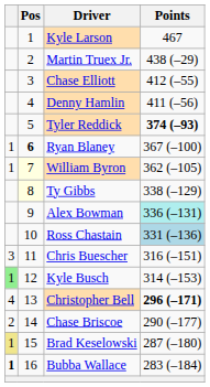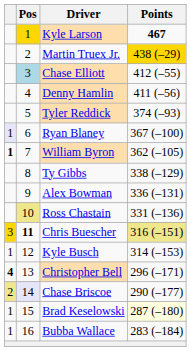 <table class="wikitable" style="font-size: 95%;">
 <tr>
 <th></th>
 <th>Pos</th>
 <th>Driver</th>
 <th>Points</th>
 </tr>
 <tr>
 <td align="left"></td>
-<td style="text-align:center;">1</td>
+<td style="background: gold; text-align:center;">1</td>
 <td style="background:#FFDEAD;"><a href='#'>Kyle Larson</a></td>
-<td style="text-align:center;">467</td>
+<td style="text-align:center;"><strong>467</strong></td>
 </tr>
 <tr>
 <td align="left"></td>
 <td style="text-align:center;">2</td>
 <td><a href='#'>Martin Truex Jr.</a></td>
-<td style="text-align:center;">438 (–29)</td>
+<td style="background: gold; text-align:center;">438 (–29)</td>
 </tr>
 <tr>
 <td align="left"></td>
-<td style="text-align:center;">3</td>
+<td style="background: lightblue; text-align:center;">3</td>
 <td style="background:#FFDEAD;"><a href='#'>Chase Elliott</a></td>
 <td style="text-align:center;">412 (–55)</td>
 </tr>
 <tr>
 <td align="left"></td>
 <td style="text-align:center;">4</td>
 <td style="background:#FFDEAD;"><a href='#'>Denny Hamlin</a></td>
 <td style="text-align:center;">411 (–56)</td>
 </tr>
 <tr>
 <td align="left"></td>
 <td style="text-align:center;">5</td>
 <td style="background:#FFDEAD;"><a href='#'>Tyler Reddick</a></td>
-<td style="text-align:center;"><strong>374 (–93)</strong></td>
+<td style="text-align:center;">374 (–93)</td>
 </tr>
 <tr>
-<td align="left"> 1</td>
-<td style="text-align:center;"><strong>6</strong></td>
+<td align="left" style="background: lavender;"> 1</td>
+<td style="text-align:center;">6</td>
 <td><a href='#'>Ryan Blaney</a></td>
 <td style="text-align:center;">367 (–100)</td>
 </tr>
 <tr>
-<td align="left"> 1</td>
-<td style="background: lightyellow; text-align:center;">7</td>
+<td align="left"><strong> 1</strong></td>
+<td style="text-align:center;">7</td>
 <td style="background:#FFDEAD;"><a href='#'>William Byron</a></td>
 <td style="text-align:center;">362 (–105)</td>
 </tr>
 <tr>
 <td align="left"></td>
-<td style="background: lightyellow; text-align:center;">8</td>
+<td style="text-align:center;">8</td>
 <td><a href='#'>Ty Gibbs</a></td>
 <td style="text-align:center;">338 (–129)</td>
 </tr>
 <tr>
 <td align="left"></td>
 <td style="text-align:center;">9</td>
 <td><a href='#'>Alex Bowman</a></td>
-<td style="background: paleturquoise; text-align:center;">336 (–131)</td>
+<td style="text-align:center;">336 (–131)</td>
 </tr>
 <tr>
 <td align="left"></td>
-<td style="text-align:center;">10</td>
+<td style="background: khaki; text-align:center;">10</td>
 <td><a href='#'>Ross Chastain</a></td>
-<td style="background: lightblue; text-align:center;">331 (–136)</td>
+<td style="text-align:center;">331 (–136)</td>
 </tr>
 <tr>
-<td align="left"> 3</td>
-<td style="text-align:center;">11</td>
+<td align="left" style="background: gold;"> 3</td>
+<td style="text-align:center;"><strong>11</strong></td>
 <td><a href='#'>Chris Buescher</a></td>
-<td style="text-align:center;">316 (–151)</td>
+<td style="background: khaki; text-align:center;">316 (–151)</td>
 </tr>
 <tr>
-<td align="left" style="background: lightgreen;"> 1</td>
+<td align="left"> 1</td>
 <td style="text-align:center;">12</td>
 <td><a href='#'>Kyle Busch</a></td>
 <td style="text-align:center;">314 (–153)</td>
 </tr>
 <tr>
-<td align="left"> 4</td>
+<td align="left"><strong> 4</strong></td>
 <td style="text-align:center;">13</td>
 <td style="background:#FFDEAD;"><a href='#'>Christopher Bell</a></td>
-<td style="text-align:center;"><strong>296 (–171)</strong></td>
+<td style="text-align:center;">296 (–171)</td>
 </tr>
 <tr>
-<td align="left"> 2</td>
-<td style="text-align:center;">14</td>
+<td align="left" style="background: khaki;"> 2</td>
+<td style="background: lavender; text-align:center;">14</td>
 <td><a href='#'>Chase Briscoe</a></td>
 <td style="text-align:center;">290 (–177)</td>
 </tr>
 <tr>
-<td align="left" style="background: khaki;"> 1</td>
+<td align="left"> 1</td>
 <td style="text-align:center;">15</td>
 <td><a href='#'>Brad Keselowski</a></td>
-<td style="text-align:center;">287 (–180)</td>
+<td style="background: lightyellow; text-align:center;">287 (–180)</td>
 </tr>
 <tr>
-<td align="left"><strong> 1</strong></td>
+<td align="left"> 1</td>
 <td style="text-align:center;">16</td>
 <td><a href='#'>Bubba Wallace</a></td>
 <td style="text-align:center;">283 (–184)</td>
 </tr>
 <tr class="sortbottom">
 <th colspan="9"></th>
 </tr>
 </table>
